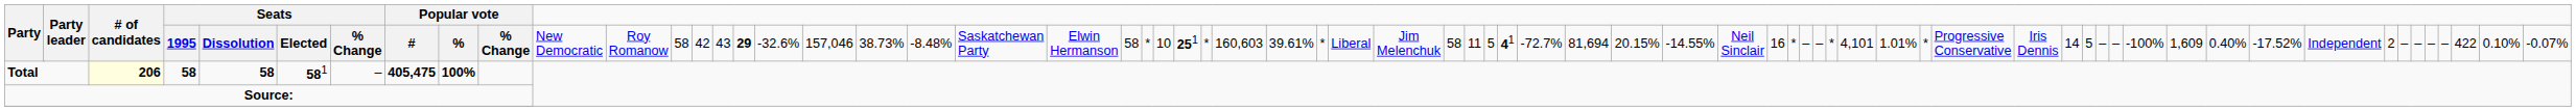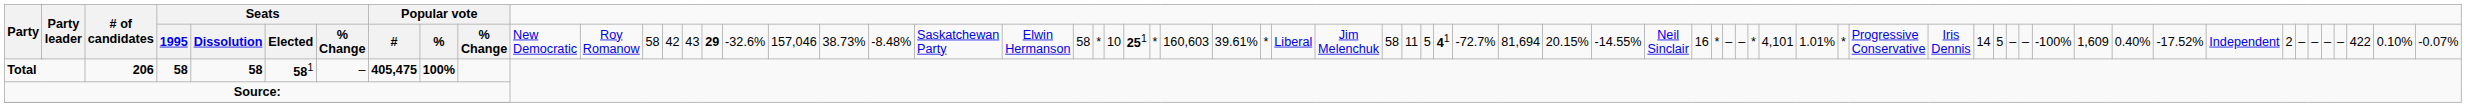 <table class="wikitable">
 <tr>
 <th rowspan=2 colspan=2>Party</th>
 <th rowspan=2>Party leader</th>
 <th rowspan=2># of<br>candidates</th>
 <th colspan=4>Seats</th>
 <th colspan=3>Popular vote</th>
 </tr>
 <tr>
 <th><a href='#'>1995</a></th>
 <th><a href='#'><span>Dissolution</span></a></th>
 <th>Elected</th>
 <th>% Change</th>
 <th>#</th>
 <th>%</th>
 <th>% Change<br></th>
 <td><a href='#'>New Democratic</a></td>
 <td align="center"><a href='#'>Roy Romanow</a></td>
 <td align="right">58</td>
 <td align="right">42</td>
 <td align="right">43</td>
 <td align="right"><strong>29</strong></td>
 <td align="right">-32.6%</td>
 <td align="right">157,046</td>
 <td align="right">38.73%</td>
 <td align="right">-8.48%<br></td>
 <td><a href='#'>Saskatchewan Party</a></td>
 <td align="center"><a href='#'>Elwin Hermanson</a></td>
 <td align="right">58</td>
 <td align="right">*</td>
 <td align="right">10</td>
 <td align="right"><strong>25</strong><sup>1</sup></td>
 <td align="right">*</td>
 <td align="right">160,603</td>
 <td align="right">39.61%</td>
 <td align="right">*<br></td>
 <td><a href='#'>Liberal</a></td>
 <td align="center"><a href='#'>Jim Melenchuk</a></td>
 <td align="right">58</td>
 <td align="right">11</td>
 <td align="right">5</td>
 <td align="right"><strong>4</strong><sup>1</sup></td>
 <td align="right">-72.7%</td>
 <td align="right">81,694</td>
 <td align="right">20.15%</td>
 <td align="right">-14.55%<br></td>
 <td align="center"><a href='#'>Neil Sinclair</a></td>
 <td align="right">16</td>
 <td align="right">*</td>
 <td align="right">–</td>
 <td align="right">–</td>
 <td align="right">*</td>
 <td align="right">4,101</td>
 <td align="right">1.01%</td>
 <td align="right">*<br></td>
 <td><a href='#'>Progressive Conservative</a></td>
 <td align="center"><a href='#'>Iris Dennis</a></td>
 <td align="right">14</td>
 <td align="right">5</td>
 <td align="right">–</td>
 <td align="right">–</td>
 <td align="right">-100%</td>
 <td align="right">1,609</td>
 <td align="right">0.40%</td>
 <td align="right">-17.52%<br></td>
 <td colspan=2><a href='#'>Independent</a></td>
 <td align="right">2</td>
 <td align="right">–</td>
 <td align="right">–</td>
 <td align="right">–</td>
 <td align="right">–</td>
 <td align="right">422</td>
 <td align="right">0.10%</td>
 <td align="right">-0.07%</td>
 </tr>
 <tr>
 <td colspan=3><strong>Total</strong></td>
-<td align="right" style="background: lightyellow;"><strong>206</strong></td>
+<td align="right"><strong>206</strong></td>
 <td align="right"><strong>58</strong></td>
 <td align="right"><strong>58</strong></td>
 <td align="right"><strong>58</strong><sup>1</sup></td>
 <td align="right">–</td>
 <td align="right"><strong>405,475</strong></td>
 <td align="right"><strong>100%</strong></td>
 <td align="right"> </td>
 </tr>
 <tr>
 <td align="center" colspan=11><strong>Source:</strong> </td>
 </tr>
 <tr>
 </tr>
 </table>
